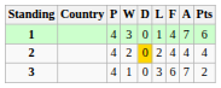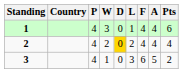 <table class="wikitable" style="text-align: center">
 <tr>
 <th scope="col">Standing</th>
 <th scope="col">Country</th>
 <th scope="col">P</th>
 <th scope="col">W</th>
 <th scope="col">D</th>
 <th scope="col">L</th>
 <th scope="col">F</th>
 <th scope="col">A</th>
 <th scope="col">Pts</th>
 </tr>
 <tr style="background:#ccffcc;">
 <td><strong>1</strong></td>
 <td style="text-align: left"><strong></strong></td>
 <td>4</td>
 <td>3</td>
 <td>0</td>
 <td>1</td>
 <td>4</td>
-<td>7</td>
+<td>4</td>
 <td>6</td>
 </tr>
 <tr>
 <td><strong>2</strong></td>
 <td style="text-align: left"></td>
 <td>4</td>
 <td>2</td>
 <td style="background: gold;">0</td>
 <td>2</td>
 <td>4</td>
 <td>4</td>
 <td>4</td>
 </tr>
 <tr>
 <td><strong>3</strong></td>
 <td style="text-align: left"></td>
 <td>4</td>
 <td>1</td>
 <td>0</td>
 <td>3</td>
 <td>6</td>
-<td>7</td>
+<td>5</td>
 <td>2</td>
 </tr>
 </table>
